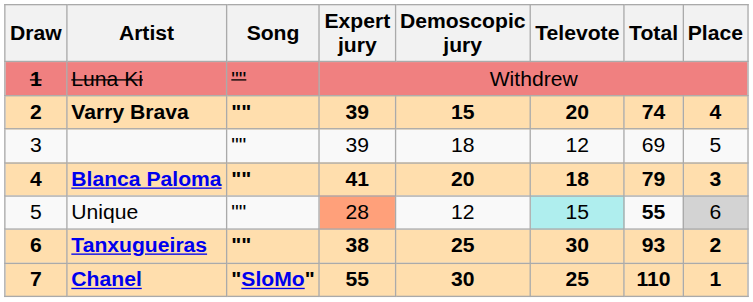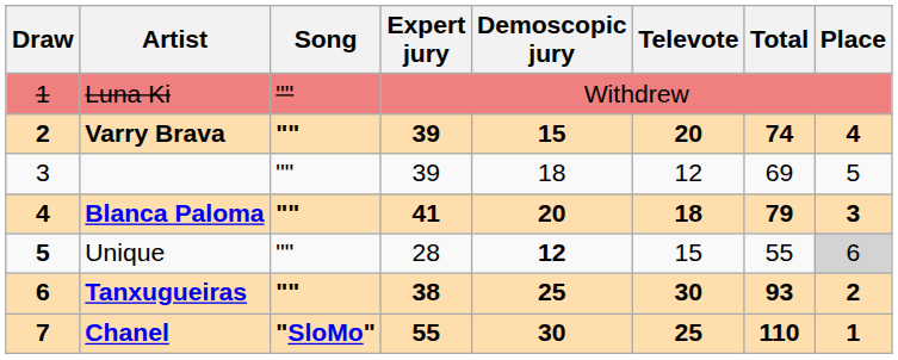 <table class="sortable wikitable" style="margin: 1em auto 1em auto; text-align:center;">
 <tr>
 <th>Draw</th>
 <th>Artist</th>
 <th>Song</th>
 <th>Expert<br>jury</th>
 <th>Demoscopic<br>jury</th>
 <th>Televote</th>
 <th>Total</th>
 <th>Place</th>
 </tr>
 <tr style="background:#F08080;">
-<td><strong><s>1</s></strong></td>
+<td><s>1</s></td>
 <td align="left"><s>Luna Ki</s></td>
 <td align="left"><s>""</s></td>
 <td data-sort-value="7" colspan="5">Withdrew</td>
 </tr>
 <tr style="font-weight:bold; background:navajowhite;">
 <td>2</td>
 <td align="left">Varry Brava</td>
 <td align="left">""</td>
 <td>39</td>
 <td>15</td>
 <td>20</td>
 <td>74</td>
 <td>4</td>
 </tr>
 <tr>
 <td>3</td>
 <td align="left"></td>
 <td align="left">""</td>
 <td>39</td>
 <td>18</td>
 <td>12</td>
 <td>69</td>
 <td>5</td>
 </tr>
 <tr style="font-weight:bold; background:navajowhite;">
 <td>4</td>
 <td align="left"><a href='#'>Blanca Paloma</a></td>
 <td align="left">""</td>
 <td>41</td>
 <td>20</td>
 <td>18</td>
 <td>79</td>
 <td>3</td>
 </tr>
 <tr>
-<td>5</td>
+<td><strong>5</strong></td>
 <td align="left">Unique</td>
 <td align="left">""</td>
-<td style="background: lightsalmon;">28</td>
-<td>12</td>
-<td style="background: paleturquoise;">15</td>
-<td><strong>55</strong></td>
+<td>28</td>
+<td><strong>12</strong></td>
+<td>15</td>
+<td>55</td>
 <td style="background: lightgrey;">6</td>
 </tr>
 <tr style="font-weight:bold; background:navajowhite;">
 <td>6</td>
 <td align="left"><a href='#'>Tanxugueiras</a></td>
 <td align="left">""</td>
 <td>38</td>
 <td>25</td>
 <td>30</td>
 <td>93</td>
 <td>2</td>
 </tr>
 <tr style="font-weight:bold; background:navajowhite;">
 <td>7</td>
 <td align="left"><a href='#'>Chanel</a></td>
 <td align="left">"<a href='#'>SloMo</a>"</td>
 <td>55</td>
 <td>30</td>
 <td>25</td>
 <td>110</td>
 <td>1</td>
 </tr>
 </table>
